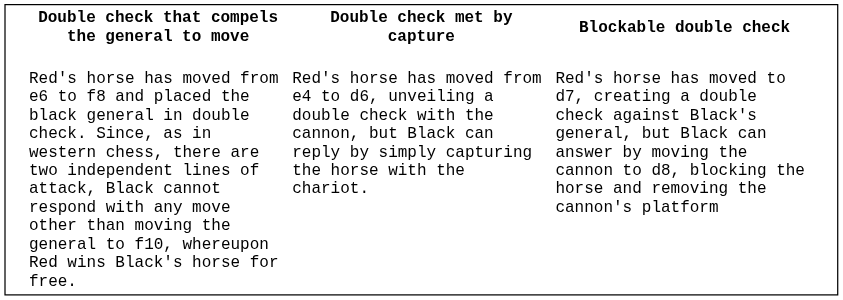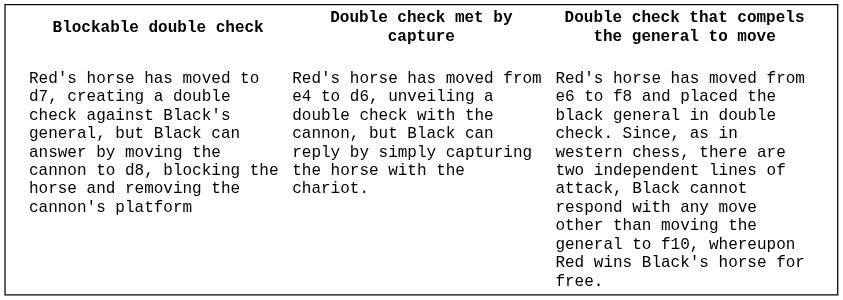 <table style="margin-left:auto; margin-right:auto; padding:0 16px; border:1px solid #000;">
 <tr>
+<th style="width:210px; text-align:center;">Blockable double check</th>
+<th style="width:210px; text-align:center;">Double check met by capture</th>
 <th style="width:210px; text-align:center;">Double check that compels the general to move</th>
-<th style="width:210px; text-align:center;">Double check met by capture</th>
-<th style="width:210px; text-align:center;">Blockable double check</th>
 </tr>
 <tr>
+<td style="vertical-align:top;"><br> Red's horse has moved to d7, creating a double check against Black's general, but Black can answer by moving the cannon to d8, blocking the horse and removing the cannon's platform</td>
+<td style="vertical-align:top;"><br> Red's horse has moved from e4 to d6, unveiling a double check with the cannon, but Black can reply by simply capturing the horse with the chariot.</td>
 <td style="vertical-align:top;"><br> Red's horse has moved from e6 to f8 and placed the black general in double check. Since, as in western chess, there are two independent lines of attack, Black cannot respond with any move other than moving the general to f10, whereupon Red wins Black's horse for free.</td>
-<td style="vertical-align:top;"><br> Red's horse has moved from e4 to d6, unveiling a double check with the cannon, but Black can reply by simply capturing the horse with the chariot.</td>
-<td style="vertical-align:top;"><br> Red's horse has moved to d7, creating a double check against Black's general, but Black can answer by moving the cannon to d8, blocking the horse and removing the cannon's platform</td>
 </tr>
 </table>
